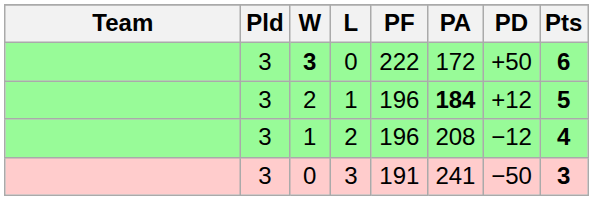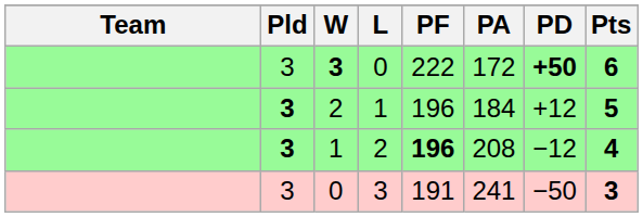 <table class=wikitable>
 <tr align=center>
 </tr>
 <tr>
 <th width=150>Team</th>
 <th width=20>Pld</th>
 <th width=20>W</th>
 <th width=20>L</th>
 <th width=30>PF</th>
 <th width=30>PA</th>
 <th width=30>PD</th>
 <th width=20>Pts</th>
 </tr>
 <tr align=center bgcolor="#98fb98">
 <td align=left></td>
 <td>3</td>
 <td><strong>3</strong></td>
 <td>0</td>
 <td>222</td>
 <td>172</td>
-<td>+50</td>
+<td><strong>+50</strong></td>
 <td><strong>6</strong></td>
 </tr>
 <tr align=center bgcolor="#98fb98">
 <td align=left></td>
-<td>3</td>
+<td><strong>3</strong></td>
 <td>2</td>
 <td>1</td>
 <td>196</td>
-<td><strong>184</strong></td>
+<td>184</td>
 <td>+12</td>
 <td><strong>5</strong></td>
 </tr>
 <tr align=center bgcolor="#98fb98">
 <td align=left></td>
-<td>3</td>
+<td><strong>3</strong></td>
 <td>1</td>
 <td>2</td>
-<td>196</td>
+<td><strong>196</strong></td>
 <td>208</td>
 <td>−12</td>
 <td><strong>4</strong></td>
 </tr>
 <tr align=center bgcolor=ffcccc>
 <td align=left></td>
 <td>3</td>
 <td>0</td>
 <td>3</td>
 <td>191</td>
 <td>241</td>
 <td>−50</td>
 <td><strong>3</strong></td>
 </tr>
 </table>
